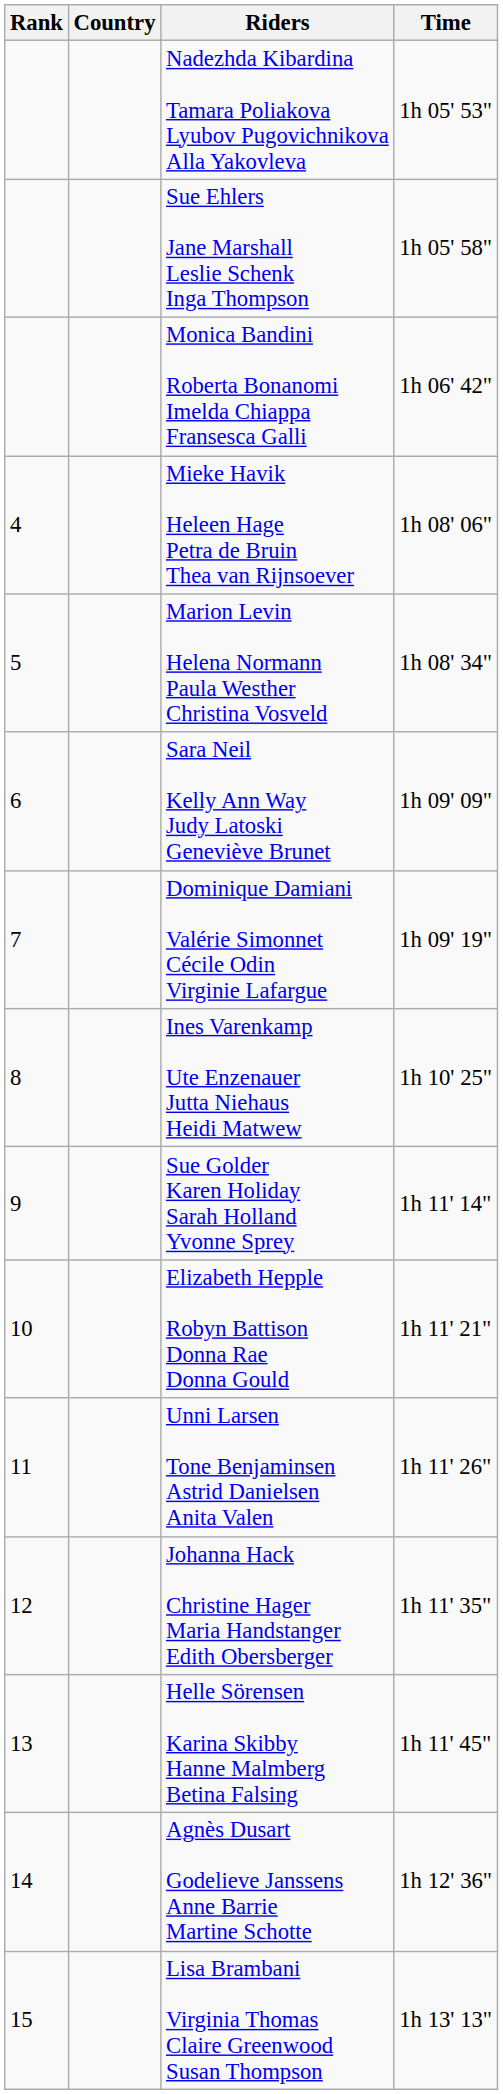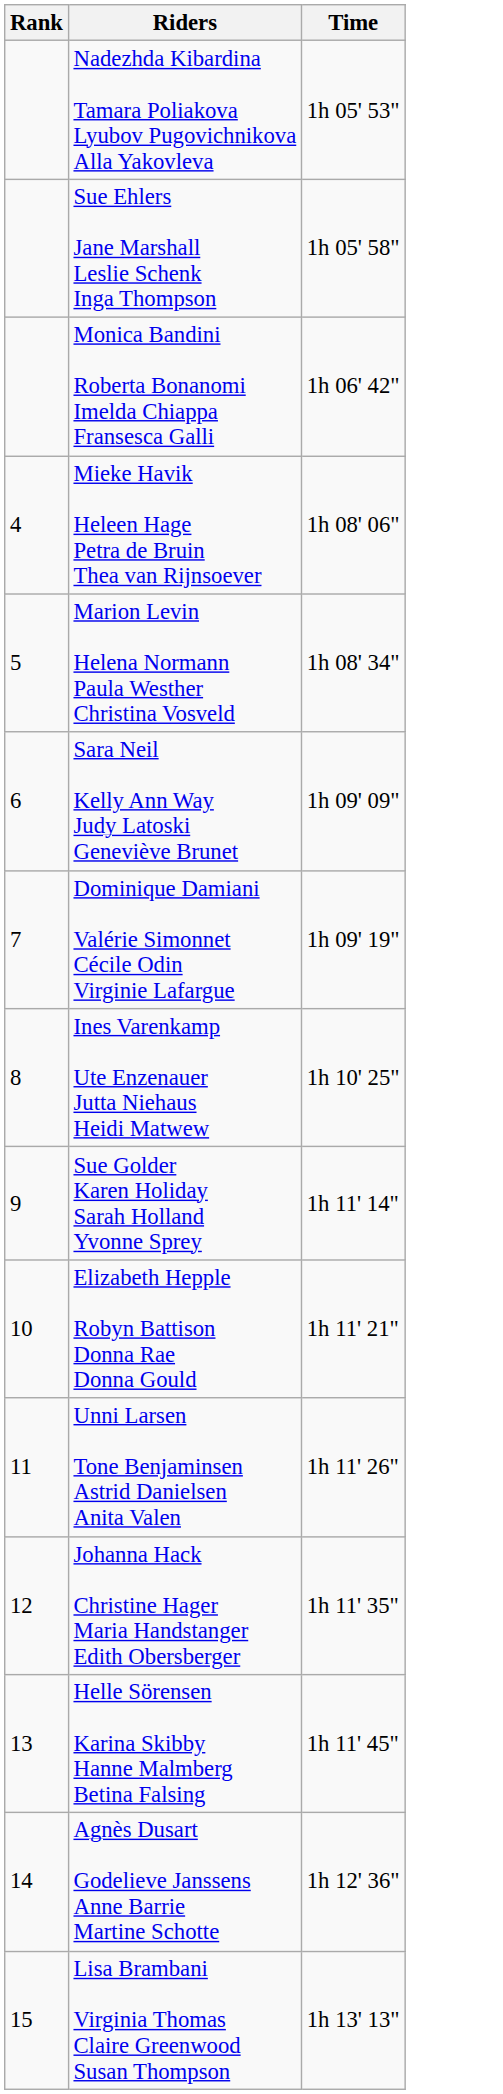 <table class="wikitable" text-align:center;">
 <tr>
 <th>Rank</th>
-<th>Country</th>
 <th>Riders</th>
 <th>Time</th>
 </tr>
 <tr>
 <td></td>
-<td align=left><strong></strong><br></td>
 <td><a href='#'>Nadezhda Kibardina</a><br><br><a href='#'>Tamara Poliakova</a><br> <a href='#'>Lyubov Pugovichnikova</a><br> <a href='#'>Alla Yakovleva</a></td>
 <td>1h 05' 53"</td>
 </tr>
 <tr>
 <td></td>
-<td align=left><strong></strong><br></td>
 <td><a href='#'>Sue Ehlers</a><br><br><a href='#'>Jane Marshall</a><br> <a href='#'>Leslie Schenk</a><br> <a href='#'>Inga Thompson</a></td>
 <td>1h 05' 58"</td>
 </tr>
 <tr>
 <td></td>
-<td align=left><strong></strong><br></td>
 <td><a href='#'>Monica Bandini</a><br><br><a href='#'>Roberta Bonanomi</a><br> <a href='#'>Imelda Chiappa</a><br> <a href='#'>Fransesca Galli</a></td>
 <td>1h 06' 42"</td>
 </tr>
 <tr>
 <td>4</td>
-<td align=left><strong></strong><br></td>
 <td><a href='#'>Mieke Havik</a><br><br><a href='#'>Heleen Hage</a><br> <a href='#'>Petra de Bruin</a><br> <a href='#'>Thea van Rijnsoever</a></td>
 <td>1h 08' 06"</td>
 </tr>
 <tr>
 <td>5</td>
-<td align=left><strong></strong><br></td>
 <td><a href='#'>Marion Levin</a><br><br><a href='#'>Helena Normann</a><br> <a href='#'>Paula Westher</a><br> <a href='#'>Christina Vosveld</a></td>
 <td>1h 08' 34"</td>
 </tr>
 <tr>
 <td>6</td>
-<td align=left><strong></strong><br></td>
 <td><a href='#'>Sara Neil</a><br><br><a href='#'>Kelly Ann Way</a><br> <a href='#'>Judy Latoski</a><br> <a href='#'>Geneviève Brunet</a></td>
 <td>1h 09' 09"</td>
 </tr>
 <tr>
 <td>7</td>
-<td align=left><strong></strong><br></td>
 <td><a href='#'>Dominique Damiani</a><br><br><a href='#'>Valérie Simonnet</a><br> <a href='#'>Cécile Odin</a><br> <a href='#'>Virginie Lafargue</a></td>
 <td>1h 09' 19"</td>
 </tr>
 <tr>
 <td>8</td>
-<td align=left><strong></strong><br></td>
 <td><a href='#'>Ines Varenkamp</a><br><br><a href='#'>Ute Enzenauer</a><br> <a href='#'>Jutta Niehaus</a><br> <a href='#'>Heidi Matwew</a></td>
 <td>1h 10' 25"</td>
 </tr>
 <tr>
 <td>9</td>
-<td align=left><strong></strong><br></td>
 <td><a href='#'>Sue Golder</a><br><a href='#'>Karen Holiday</a><br><a href='#'>Sarah Holland</a><br><a href='#'>Yvonne Sprey</a></td>
 <td>1h 11' 14"</td>
 </tr>
 <tr>
 <td>10</td>
-<td align=left><strong></strong><br></td>
 <td><a href='#'>Elizabeth Hepple</a><br><br><a href='#'>Robyn Battison</a><br> <a href='#'>Donna Rae</a><br> <a href='#'>Donna Gould</a></td>
 <td>1h 11' 21"</td>
 </tr>
 <tr>
 <td>11</td>
-<td align=left><strong></strong><br></td>
 <td><a href='#'>Unni Larsen</a><br><br><a href='#'>Tone Benjaminsen</a><br> <a href='#'>Astrid Danielsen</a><br> <a href='#'>Anita Valen</a></td>
 <td>1h 11' 26"</td>
 </tr>
 <tr>
 <td>12</td>
-<td align=left><strong></strong><br></td>
 <td><a href='#'>Johanna Hack</a><br><br><a href='#'>Christine Hager</a><br> <a href='#'>Maria Handstanger</a><br> <a href='#'>Edith Obersberger</a></td>
 <td>1h 11' 35"</td>
 </tr>
 <tr>
 <td>13</td>
-<td align=left><strong></strong><br></td>
 <td><a href='#'>Helle Sörensen</a><br><br><a href='#'>Karina Skibby</a><br> <a href='#'>Hanne Malmberg</a><br> <a href='#'>Betina Falsing</a></td>
 <td>1h 11' 45"</td>
 </tr>
 <tr>
 <td>14</td>
-<td align=left><strong></strong><br></td>
 <td><a href='#'>Agnès Dusart</a><br><br><a href='#'>Godelieve Janssens</a><br> <a href='#'>Anne Barrie</a><br> <a href='#'>Martine Schotte</a></td>
 <td>1h 12' 36"</td>
 </tr>
 <tr>
 <td>15</td>
-<td align=left><strong></strong><br></td>
 <td><a href='#'>Lisa Brambani</a><br><br><a href='#'>Virginia Thomas</a><br> <a href='#'>Claire Greenwood</a><br> <a href='#'>Susan Thompson</a></td>
 <td>1h 13' 13"</td>
 </tr>
 </table>
